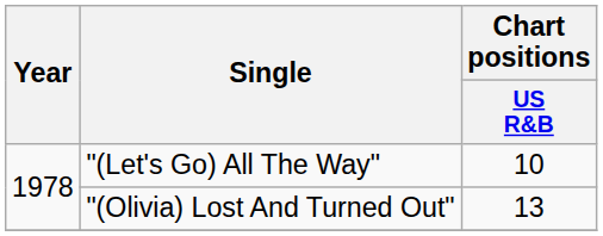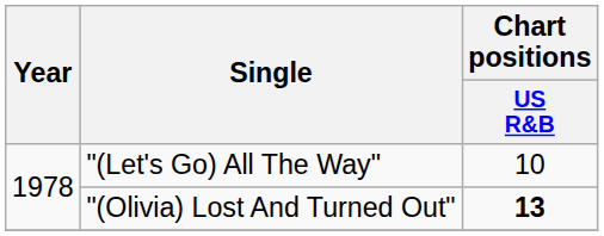 <table class="wikitable" style="text-align:center;">
 <tr>
 <th rowspan="2">Year</th>
 <th rowspan="2">Single</th>
 <th colspan="1">Chart positions</th>
 </tr>
 <tr style="font-size:smaller;">
 <th width="40"><a href='#'>US<br>R&B</a></th>
 </tr>
 <tr>
 <td rowspan="2">1978</td>
 <td align="left">"(Let's Go) All The Way"</td>
 <td>10</td>
 </tr>
 <tr>
 <td align="left">"(Olivia) Lost And Turned Out"</td>
-<td>13</td>
+<td><strong>13</strong></td>
 </tr>
 <tr>
 </tr>
 </table>
